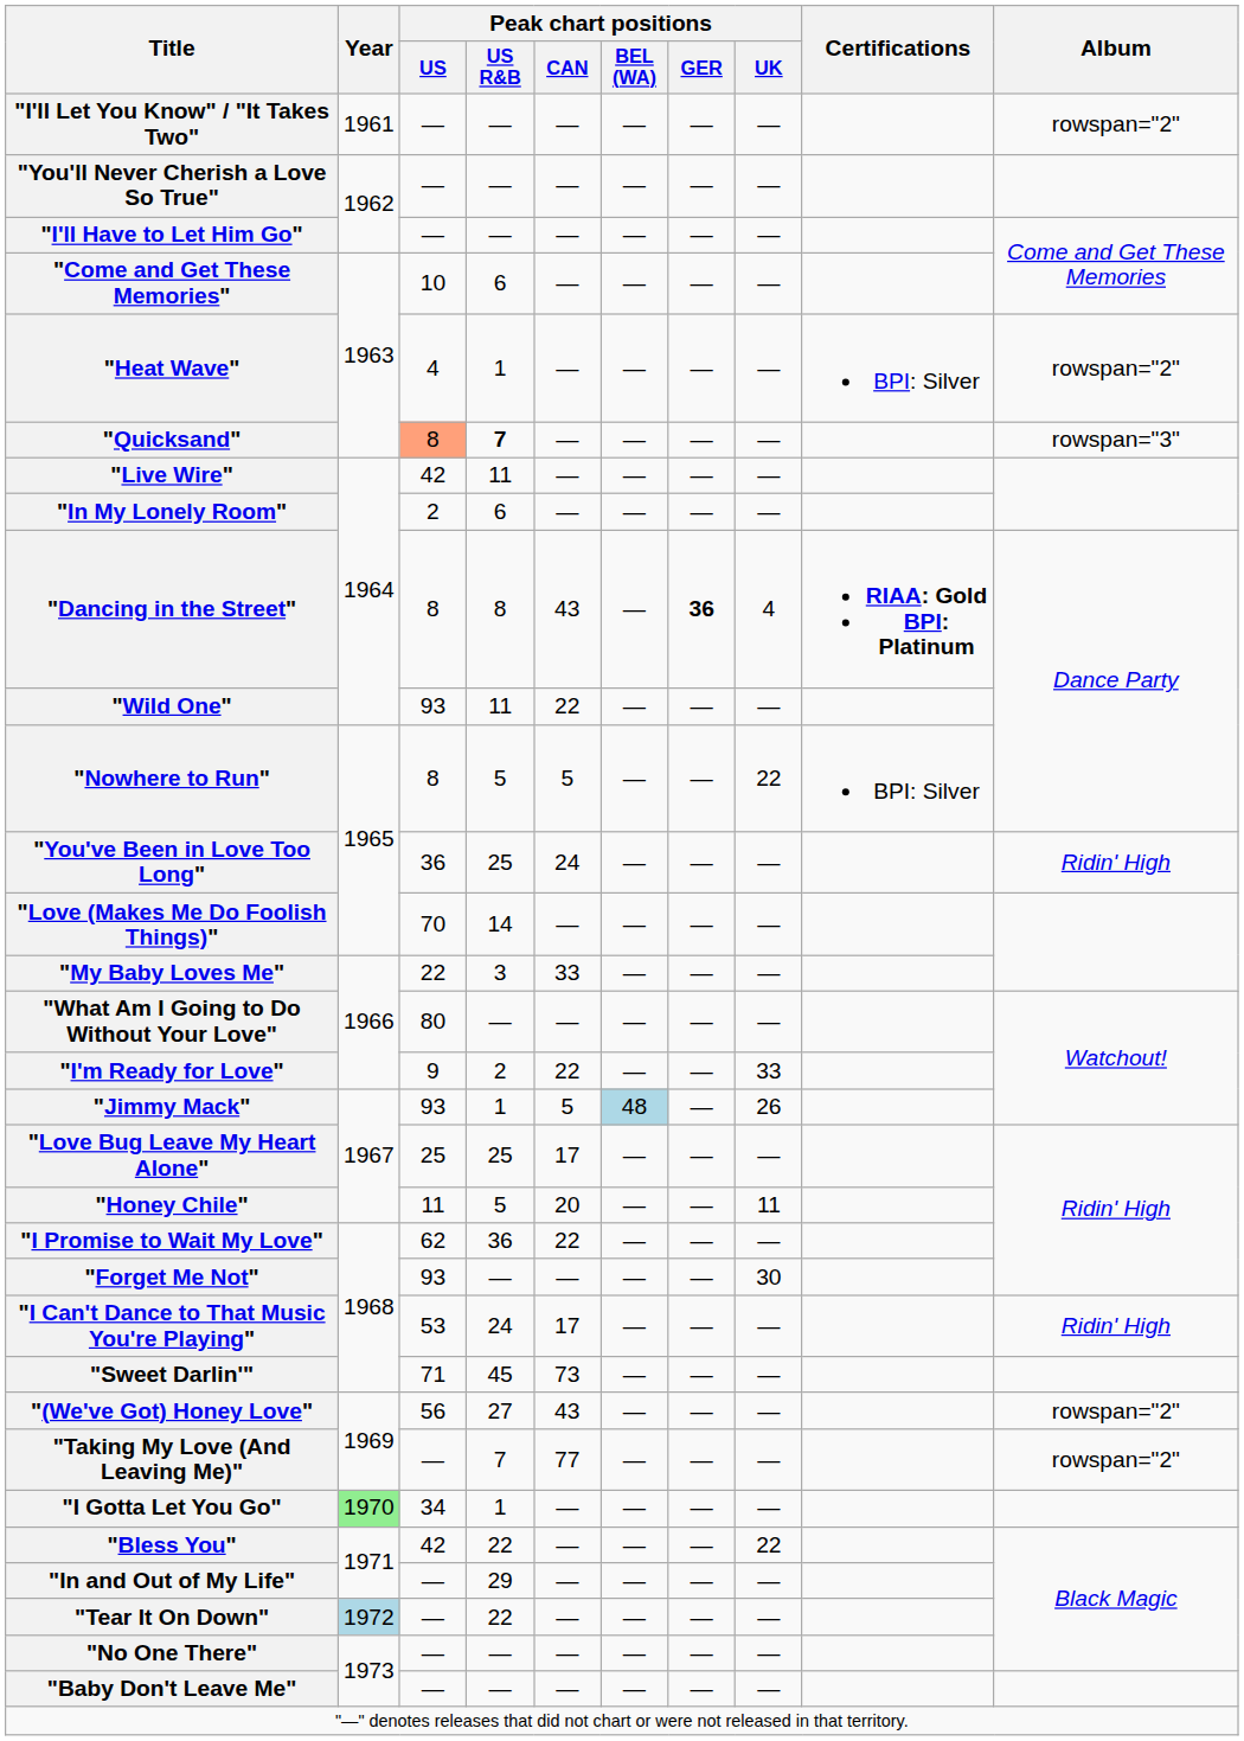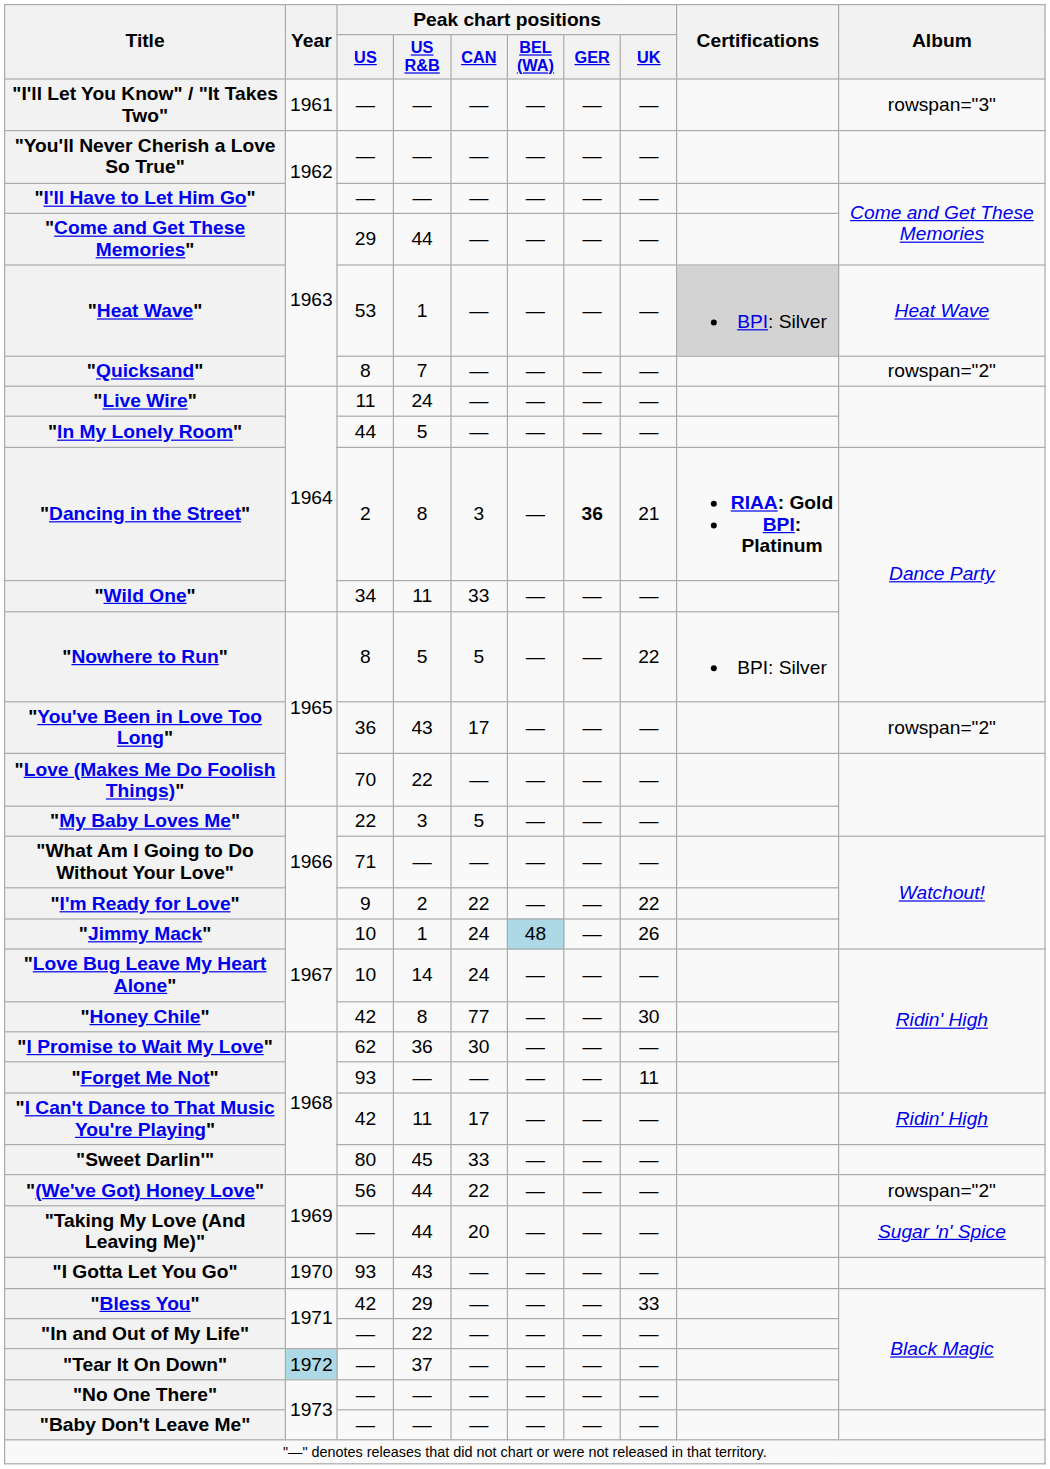 <table class="wikitable plainrowheaders" style="text-align:center;">
 <tr>
 <th rowspan="2">Title</th>
 <th rowspan="2">Year</th>
 <th colspan="6">Peak chart positions</th>
 <th rowspan="2">Certifications</th>
 <th rowspan="2">Album</th>
 </tr>
 <tr>
 <th style="width:3em;font-size:85%"><a href='#'>US</a><br></th>
 <th style="width:3em;font-size:85%"><a href='#'>US<br>R&B</a><br></th>
 <th style="width:3em;font-size:85%"><a href='#'>CAN</a></th>
 <th style="width:3em;font-size:85%"><a href='#'>BEL<br>(WA)</a><br></th>
 <th style="width:3em;font-size:85%"><a href='#'>GER</a><br></th>
 <th style="width:3em;font-size:85%"><a href='#'>UK</a><br></th>
 </tr>
 <tr>
 <th scope="row">"I'll Let You Know" / "It Takes Two"<br></th>
 <td>1961</td>
 <td>—</td>
 <td>—</td>
 <td>—</td>
 <td>—</td>
 <td>—</td>
 <td>—</td>
 <td></td>
-<td>rowspan="2" </td>
+<td>rowspan="3" </td>
 </tr>
 <tr>
 <th scope="row">"You'll Never Cherish a Love So True"<br></th>
 <td rowspan="2">1962</td>
 <td>—</td>
 <td>—</td>
 <td>—</td>
 <td>—</td>
 <td>—</td>
 <td>—</td>
 <td></td>
 </tr>
 <tr>
 <th scope="row">"<a href='#'>I'll Have to Let Him Go</a>"</th>
 <td>—</td>
 <td>—</td>
 <td>—</td>
 <td>—</td>
 <td>—</td>
 <td>—</td>
 <td></td>
 <td rowspan="2"><em><a href='#'>Come and Get These Memories</a></em></td>
 </tr>
 <tr>
 <th scope="row">"<a href='#'>Come and Get These Memories</a>"</th>
 <td rowspan="3">1963</td>
-<td align="center">10</td>
-<td>6</td>
+<td>29</td>
+<td align="center">44</td>
 <td>—</td>
 <td>—</td>
 <td>—</td>
 <td>—</td>
 <td></td>
 </tr>
 <tr>
 <th scope="row">"<a href='#'>Heat Wave</a>"</th>
-<td>4</td>
+<td>53</td>
 <td>1</td>
 <td>—</td>
 <td>—</td>
 <td>—</td>
 <td>—</td>
-<td><br><ul><li><a href='#'>BPI</a>: Silver</li></ul></td>
-<td>rowspan="2" </td>
+<td style="background: lightgrey;"><br><ul><li><a href='#'>BPI</a>: Silver</li></ul></td>
+<td><em><a href='#'>Heat Wave</a></em></td>
 </tr>
 <tr>
 <th scope="row">"<a href='#'>Quicksand</a>"</th>
-<td align="center" style="background: lightsalmon;">8</td>
-<td align="center"><strong>7</strong></td>
+<td align="center">8</td>
+<td align="center">7</td>
 <td>—</td>
 <td>—</td>
 <td>—</td>
 <td align="center">—</td>
 <td></td>
-<td>rowspan="3" </td>
+<td>rowspan="2" </td>
 </tr>
 <tr>
 <th scope="row">"<a href='#'>Live Wire</a>"</th>
 <td rowspan="4">1964</td>
-<td align="center">42</td>
 <td align="center">11</td>
+<td align="center">24</td>
 <td>—</td>
 <td>—</td>
 <td>—</td>
 <td align="center">—</td>
 <td></td>
 </tr>
 <tr>
 <th scope="row">"<a href='#'>In My Lonely Room</a>"</th>
-<td align="center">2</td>
-<td align="center">6</td>
+<td align="center">44</td>
+<td align="center">5</td>
 <td>—</td>
 <td>—</td>
 <td>—</td>
 <td align="center">—</td>
 <td></td>
 </tr>
 <tr>
 <th scope="row">"<a href='#'>Dancing in the Street</a>"</th>
+<td align="center">2</td>
 <td align="center">8</td>
-<td align="center">8</td>
-<td align="center">43</td>
+<td align="center">3</td>
 <td>—</td>
 <td><strong>36</strong></td>
-<td align="center">4</td>
+<td align="center">21</td>
 <td><strong><br><ul><li><a href='#'>RIAA</a>: Gold</li><li><a href='#'>BPI</a>: Platinum</li></ul></strong></td>
 <td rowspan="3"><em><a href='#'>Dance Party</a></em></td>
 </tr>
 <tr>
 <th scope="row">"<a href='#'>Wild One</a>"</th>
-<td>93</td>
+<td align="center">34</td>
 <td align="center">11</td>
-<td align="center">22</td>
+<td align="center">33</td>
 <td>—</td>
 <td>—</td>
 <td align="center">—</td>
 <td></td>
 </tr>
 <tr>
 <th scope="row">"<a href='#'>Nowhere to Run</a>"</th>
 <td rowspan="3">1965</td>
 <td align="center">8</td>
 <td align="center">5</td>
 <td align="center">5</td>
 <td>—</td>
 <td>—</td>
 <td align="center">22</td>
 <td><br><ul><li>BPI: Silver</li></ul></td>
 </tr>
 <tr>
 <th scope="row">"<a href='#'>You've Been in Love Too Long</a>"</th>
 <td align="center">36</td>
-<td align="center">25</td>
-<td align="center">24</td>
+<td>43</td>
+<td align="center">17</td>
 <td>—</td>
 <td>—</td>
 <td align="center">—</td>
 <td></td>
-<td><em><a href='#'>Ridin' High</a></em></td>
+<td>rowspan="2" </td>
 </tr>
 <tr>
 <th scope="row">"<a href='#'>Love (Makes Me Do Foolish Things)</a>"</th>
 <td>70</td>
-<td align="center">14</td>
+<td>22</td>
 <td>—</td>
 <td>—</td>
 <td>—</td>
 <td>—</td>
 <td></td>
 </tr>
 <tr>
 <th scope="row">"<a href='#'>My Baby Loves Me</a>"</th>
 <td rowspan="3">1966</td>
 <td align="center">22</td>
 <td align="center">3</td>
-<td align="center">33</td>
+<td align="center">5</td>
 <td>—</td>
 <td>—</td>
 <td align="center">—</td>
 <td></td>
 </tr>
 <tr>
 <th scope="row">"What Am I Going to Do Without Your Love"</th>
-<td align="center">80</td>
+<td align="center">71</td>
 <td align="center">—</td>
 <td>—</td>
 <td>—</td>
 <td>—</td>
 <td align="center">—</td>
 <td></td>
 <td rowspan="3"><em><a href='#'>Watchout!</a></em></td>
 </tr>
 <tr>
 <th scope="row">"<a href='#'>I'm Ready for Love</a>"</th>
 <td align="center">9</td>
 <td align="center">2</td>
 <td align="center">22</td>
 <td>—</td>
 <td>—</td>
-<td>33</td>
+<td align="center">22</td>
 <td></td>
 </tr>
 <tr>
 <th scope="row">"<a href='#'>Jimmy Mack</a>"</th>
 <td rowspan="3">1967</td>
-<td>93</td>
+<td align="center">10</td>
 <td align="center">1</td>
-<td align="center">5</td>
+<td align="center">24</td>
 <td align="center" style="background: lightblue;">48</td>
 <td>—</td>
 <td align="center">26</td>
 <td></td>
 </tr>
 <tr>
 <th scope="row">"<a href='#'>Love Bug Leave My Heart Alone</a>"</th>
-<td align="center">25</td>
-<td align="center">25</td>
-<td align="center">17</td>
+<td align="center">10</td>
+<td align="center">14</td>
+<td align="center">24</td>
 <td>—</td>
 <td>—</td>
 <td align="center">—</td>
 <td></td>
 <td rowspan="4"><em><a href='#'>Ridin' High</a></em></td>
 </tr>
 <tr>
 <th scope="row">"<a href='#'>Honey Chile</a>"</th>
-<td align="center">11</td>
-<td align="center">5</td>
-<td align="center">20</td>
+<td align="center">42</td>
+<td align="center">8</td>
+<td align="center">77</td>
 <td>—</td>
 <td>—</td>
-<td>11</td>
+<td align="center">30</td>
 <td></td>
 </tr>
 <tr>
 <th scope="row">"<a href='#'>I Promise to Wait My Love</a>"</th>
 <td rowspan="4">1968</td>
 <td align="center">62</td>
 <td align="center">36</td>
-<td align="center">22</td>
+<td align="center">30</td>
 <td>—</td>
 <td>—</td>
 <td>—</td>
 <td></td>
 </tr>
 <tr>
 <th scope="row">"<a href='#'>Forget Me Not</a>"</th>
 <td>93</td>
 <td>—</td>
 <td>—</td>
 <td>—</td>
 <td>—</td>
-<td align="center">30</td>
+<td>11</td>
 <td></td>
 </tr>
 <tr>
 <th scope="row">"<a href='#'>I Can't Dance to That Music You're Playing</a>"</th>
-<td>53</td>
-<td align="center">24</td>
+<td align="center">42</td>
+<td align="center">11</td>
 <td align="center">17</td>
 <td>—</td>
 <td>—</td>
 <td align="center">—</td>
 <td></td>
 <td><em><a href='#'>Ridin' High</a></em></td>
 </tr>
 <tr>
 <th scope="row">"Sweet Darlin'"</th>
-<td align="center">71</td>
+<td align="center">80</td>
 <td align="center">45</td>
-<td align="center">73</td>
+<td align="center">33</td>
 <td>—</td>
 <td>—</td>
 <td align="center">—</td>
 <td></td>
 </tr>
 <tr>
 <th scope="row">"<a href='#'>(We've Got) Honey Love</a>"</th>
 <td rowspan="2">1969</td>
 <td align="center">56</td>
-<td align="center">27</td>
-<td align="center">43</td>
+<td align="center">44</td>
+<td align="center">22</td>
 <td>—</td>
 <td>—</td>
 <td align="center">—</td>
 <td></td>
 <td>rowspan="2" </td>
 </tr>
 <tr>
 <th scope="row">"Taking My Love (And Leaving Me)"</th>
 <td>—</td>
-<td align="center">7</td>
-<td align="center">77</td>
+<td align="center">44</td>
+<td align="center">20</td>
 <td>—</td>
 <td>—</td>
 <td>—</td>
 <td></td>
-<td>rowspan="2" </td>
+<td><em><a href='#'>Sugar 'n' Spice</a></em></td>
 </tr>
 <tr>
 <th scope="row">"I Gotta Let You Go"</th>
-<td style="background: lightgreen;">1970</td>
-<td align="center">34</td>
-<td>1</td>
+<td>1970</td>
+<td>93</td>
+<td>43</td>
 <td>—</td>
 <td>—</td>
 <td>—</td>
 <td>—</td>
 <td></td>
 <td></td>
 </tr>
 <tr>
 <th scope="row">"<a href='#'>Bless You</a>"</th>
 <td rowspan="2">1971</td>
 <td align="center">42</td>
-<td>22</td>
+<td>29</td>
 <td>—</td>
 <td>—</td>
 <td>—</td>
-<td align="center">22</td>
+<td>33</td>
 <td></td>
 <td rowspan="4"><em><a href='#'>Black Magic</a></em></td>
 </tr>
 <tr>
 <th scope="row">"In and Out of My Life"</th>
 <td>—</td>
-<td>29</td>
+<td>22</td>
 <td>—</td>
 <td>—</td>
 <td>—</td>
 <td>—</td>
 <td></td>
 </tr>
 <tr>
 <th scope="row">"Tear It On Down"</th>
 <td style="background: lightblue;">1972</td>
 <td>—</td>
-<td>22</td>
+<td>37</td>
 <td>—</td>
 <td>—</td>
 <td>—</td>
 <td>—</td>
 <td></td>
 </tr>
 <tr>
 <th scope="row">"No One There"</th>
 <td rowspan="2">1973</td>
 <td>—</td>
 <td>—</td>
 <td>—</td>
 <td>—</td>
 <td>—</td>
 <td>—</td>
 <td></td>
 </tr>
 <tr>
 <th scope="row">"Baby Don't Leave Me"</th>
 <td>—</td>
 <td>—</td>
 <td>—</td>
 <td>—</td>
 <td>—</td>
 <td>—</td>
 <td></td>
 <td></td>
 </tr>
 <tr>
 <td colspan="11" style="text-align:center; font-size:9pt;">"—" denotes releases that did not chart or were not released in that territory.</td>
 </tr>
 </table>
